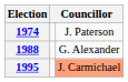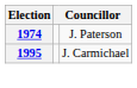 <table class="wikitable" style="text-align:center">
 <tr>
 <th>Election</th>
 <th colspan=2>Councillor</th>
 </tr>
 <tr>
 <th><a href='#'>1974</a></th>
 <td style="background-color: "></td>
 <td>J. Paterson</td>
 </tr>
 <tr>
-<th><a href='#'>1988</a></th>
-<td style="background-color: "></td>
-<td>G. Alexander</td>
-</tr>
-<tr>
 <th><a href='#'>1995</a></th>
 <td style="background-color: "></td>
-<td style="background: lightsalmon;">J. Carmichael</td>
+<td>J. Carmichael</td>
 </tr>
 </table>
